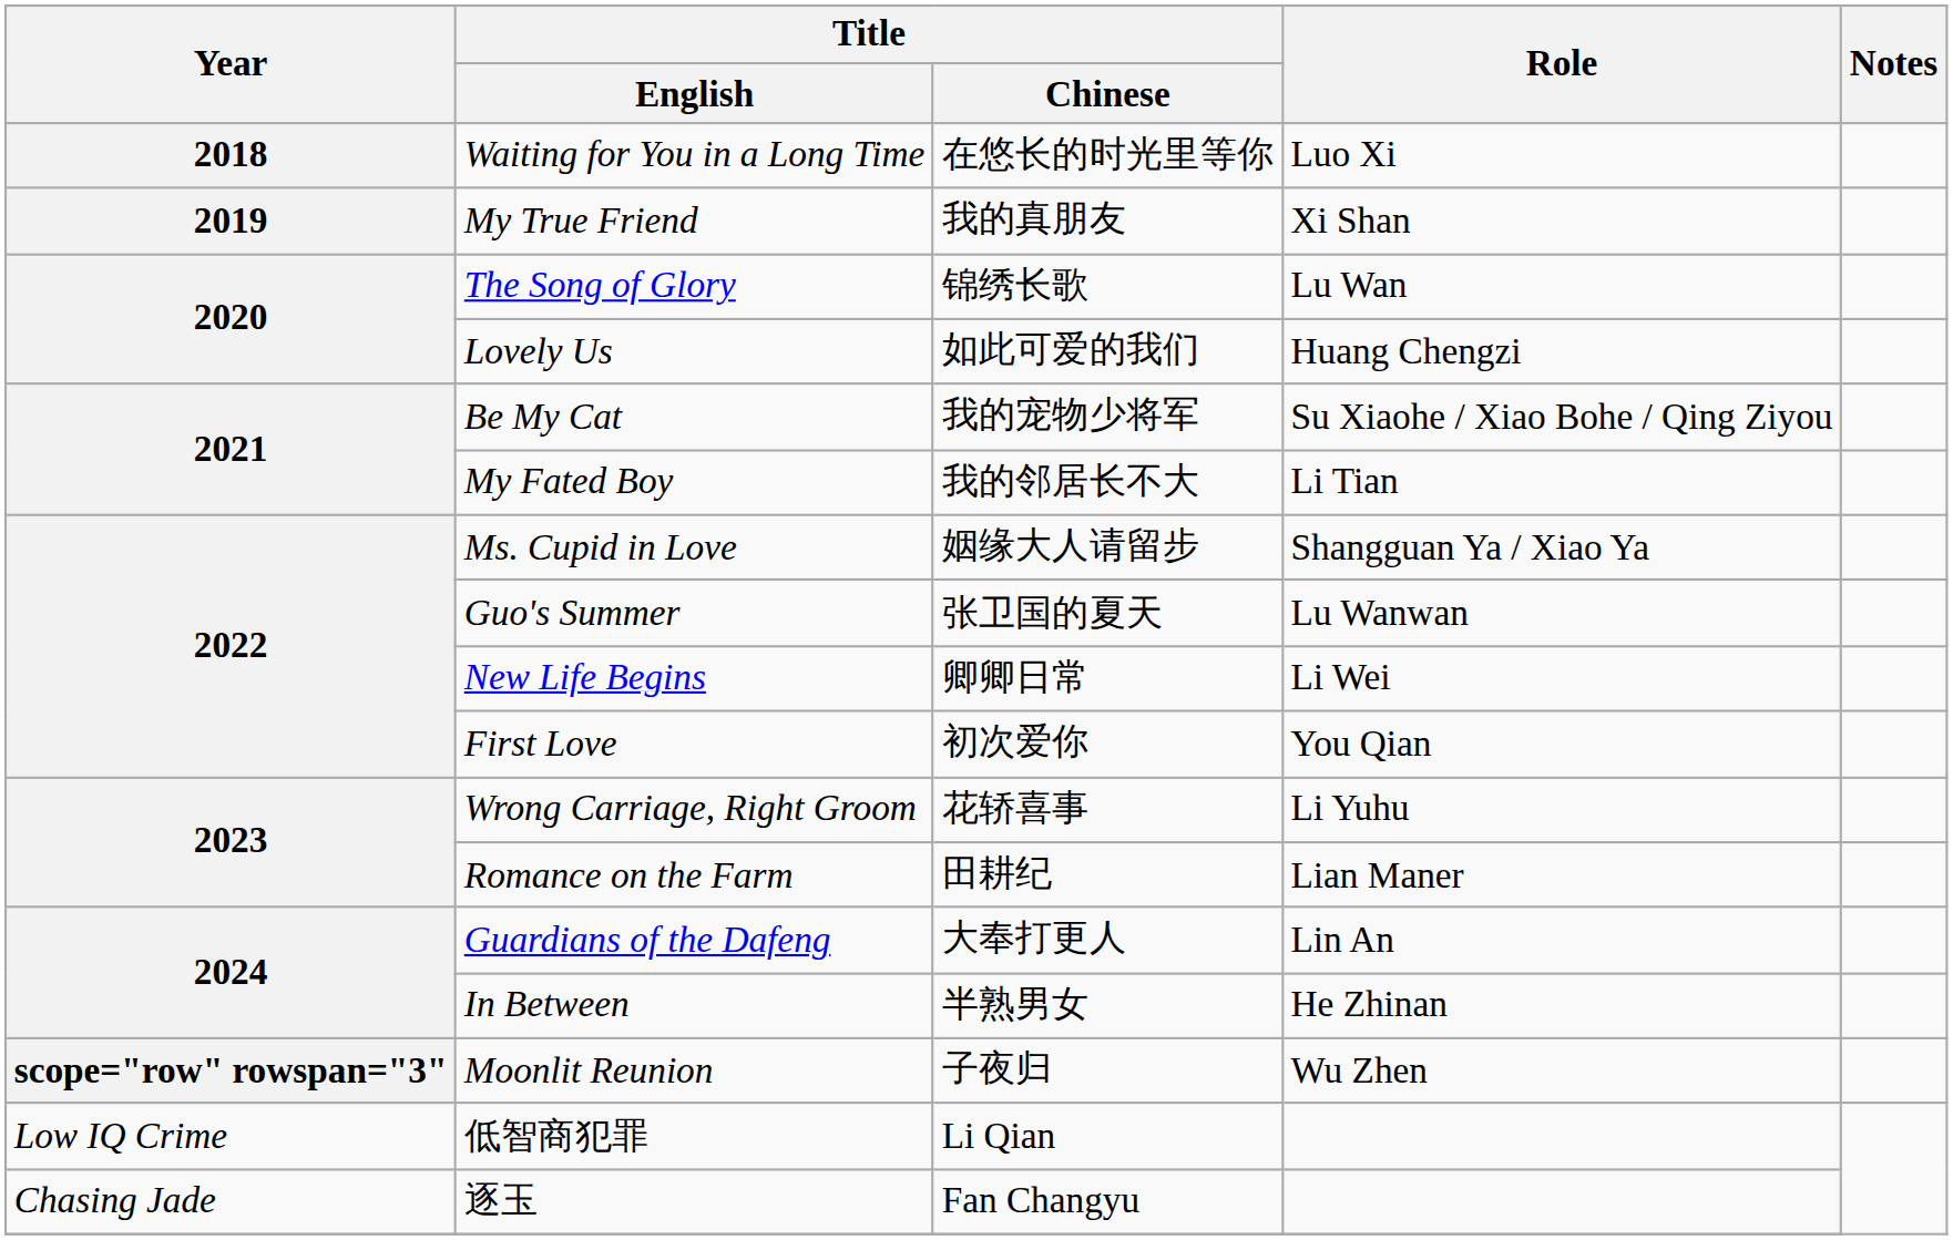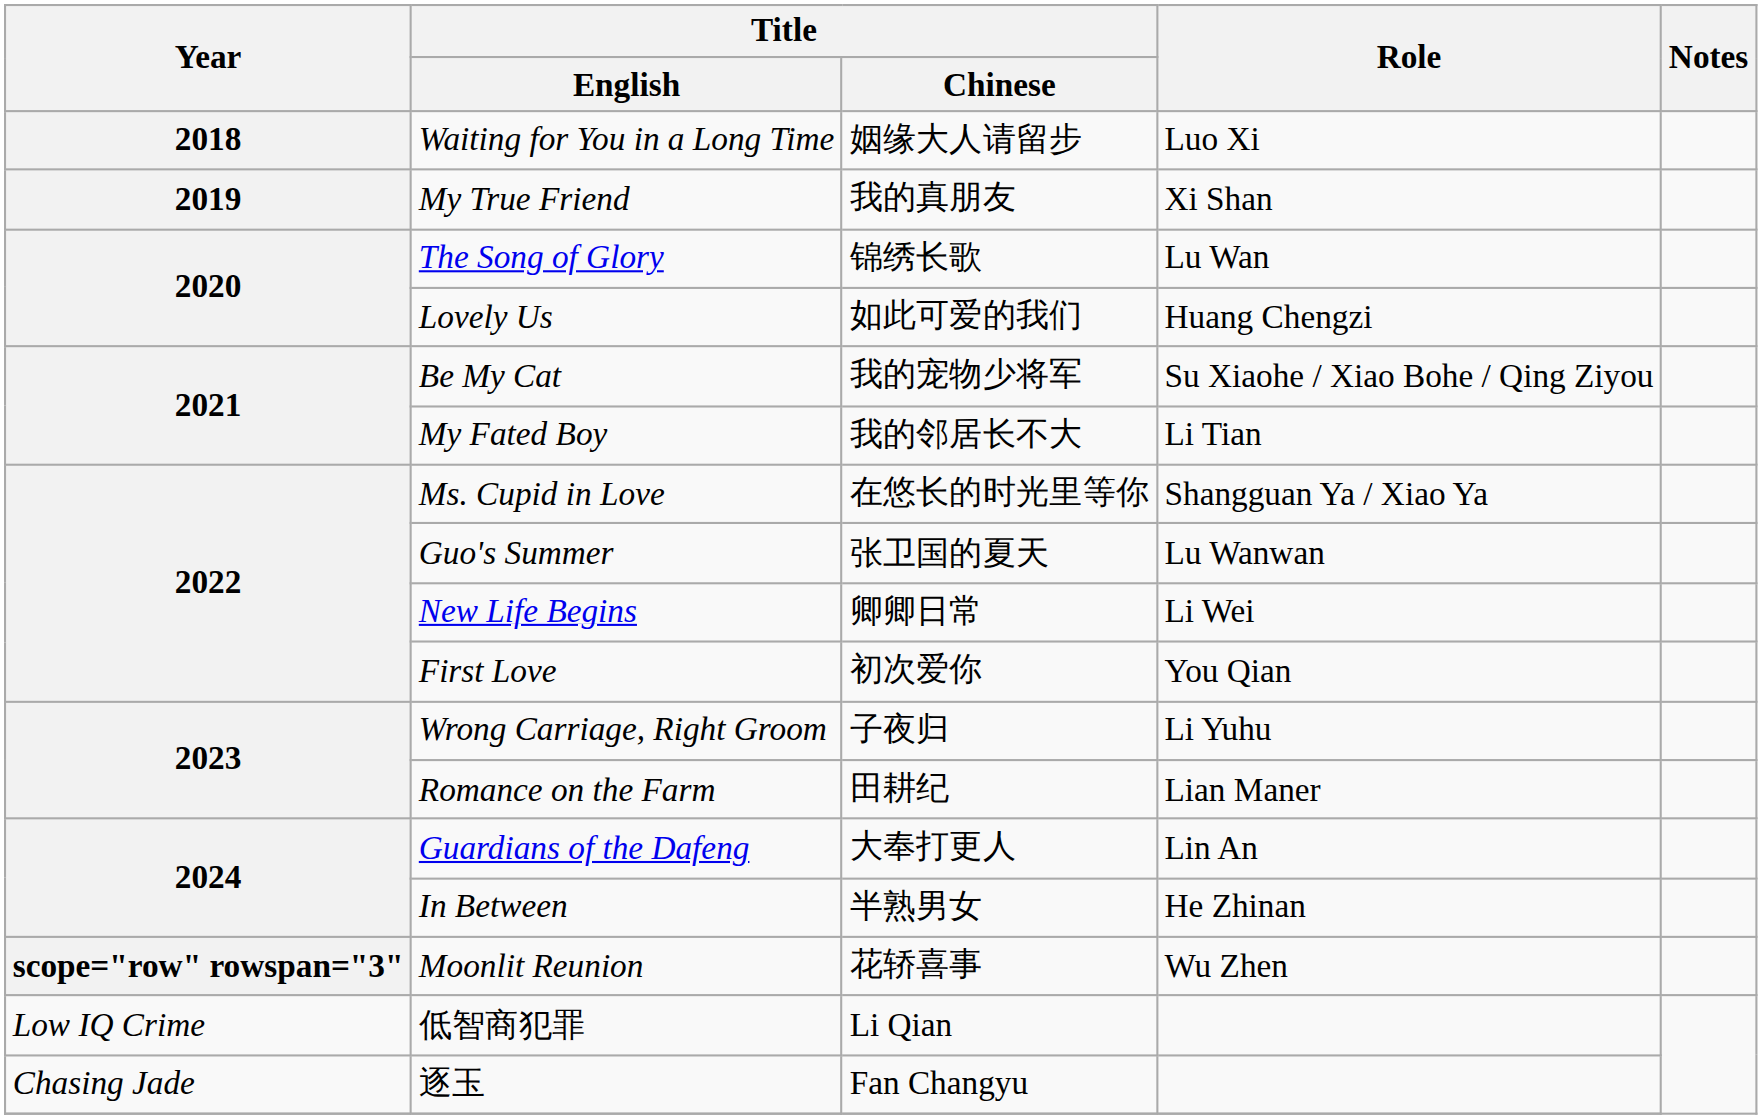 <table class="wikitable sortable plainrowheaders">
 <tr>
 <th scope="col" rowspan="2">Year</th>
 <th scope="col" colspan="2">Title</th>
 <th scope="col" rowspan="2">Role</th>
 <th scope="col" rowspan="2">Notes</th>
 </tr>
 <tr>
 <th scope="col">English</th>
 <th scope="col">Chinese</th>
 </tr>
 <tr>
 <th scope="row">2018</th>
 <td><em>Waiting for You in a Long Time</em></td>
-<td>在悠长的时光里等你</td>
+<td>姻缘大人请留步</td>
 <td>Luo Xi</td>
 <td></td>
 </tr>
 <tr>
 <th scope="row">2019</th>
 <td><em>My True Friend</em></td>
 <td>我的真朋友</td>
 <td>Xi Shan</td>
 <td></td>
 </tr>
 <tr>
 <th scope="row" rowspan="2">2020</th>
 <td><em><a href='#'>The Song of Glory</a></em></td>
 <td>锦绣长歌</td>
 <td>Lu Wan</td>
 <td></td>
 </tr>
 <tr>
 <td><em>Lovely Us</em></td>
 <td>如此可爱的我们</td>
 <td>Huang Chengzi</td>
 <td></td>
 </tr>
 <tr>
 <th scope="row" rowspan="2">2021</th>
 <td><em>Be My Cat</em></td>
 <td>我的宠物少将军</td>
 <td>Su Xiaohe / Xiao Bohe / Qing Ziyou</td>
 <td></td>
 </tr>
 <tr>
 <td><em>My Fated Boy</em></td>
 <td>我的邻居长不大</td>
 <td>Li Tian</td>
 <td></td>
 </tr>
 <tr>
 <th scope="row" rowspan="4">2022</th>
 <td><em>Ms. Cupid in Love</em></td>
-<td>姻缘大人请留步</td>
+<td>在悠长的时光里等你</td>
 <td>Shangguan Ya / Xiao Ya</td>
 <td></td>
 </tr>
 <tr>
 <td><em>Guo's Summer</em></td>
 <td>张卫国的夏天</td>
 <td>Lu Wanwan</td>
 <td></td>
 </tr>
 <tr>
 <td><em><a href='#'>New Life Begins</a></em></td>
 <td>卿卿日常</td>
 <td>Li Wei</td>
 <td></td>
 </tr>
 <tr>
 <td><em>First Love</em></td>
 <td>初次爱你</td>
 <td>You Qian</td>
 <td></td>
 </tr>
 <tr>
 <th scope="row" rowspan="2">2023</th>
 <td><em>Wrong Carriage, Right Groom</em></td>
-<td>花轿喜事</td>
+<td>子夜归</td>
 <td>Li Yuhu</td>
 <td></td>
 </tr>
 <tr>
 <td><em>Romance on the Farm</em></td>
 <td>田耕纪</td>
 <td>Lian Maner</td>
 <td></td>
 </tr>
 <tr>
 <th scope="row" rowspan="2">2024</th>
 <td><em><a href='#'>Guardians of the Dafeng</a></em></td>
 <td>大奉打更人</td>
 <td>Lin An</td>
 <td></td>
 </tr>
 <tr>
 <td><em>In Between</em></td>
 <td>半熟男女</td>
 <td>He Zhinan</td>
 <td></td>
 </tr>
 <tr>
 <th>scope="row" rowspan="3" </th>
 <td><em>Moonlit Reunion</em></td>
-<td>子夜归</td>
+<td>花轿喜事</td>
 <td>Wu Zhen</td>
 <td></td>
 </tr>
 <tr>
 <td><em>Low IQ Crime</em></td>
 <td>低智商犯罪</td>
 <td>Li Qian</td>
 <td></td>
 </tr>
 <tr>
 <td><em>Chasing Jade</em></td>
 <td>逐玉</td>
 <td>Fan Changyu</td>
 <td></td>
 </tr>
 <tr>
 </tr>
 </table>
